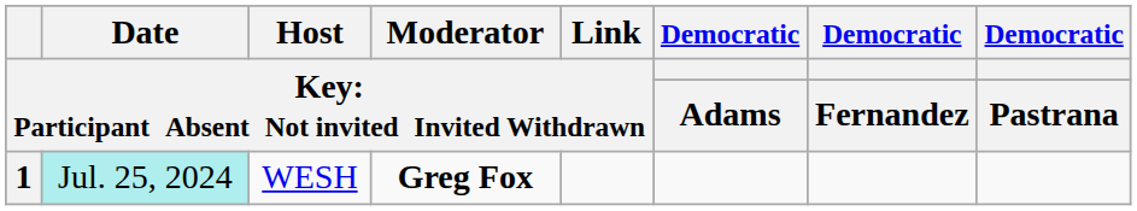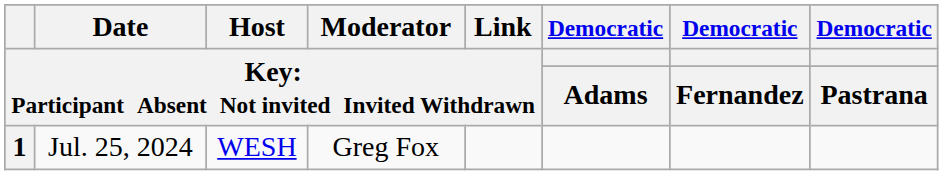 <table class="wikitable" style="text-align:center;">
 <tr>
 <th scope="col"></th>
 <th scope="col">Date</th>
 <th scope="col">Host</th>
 <th scope="col">Moderator</th>
 <th scope="col">Link</th>
 <th scope="col"><small><a href='#'>Democratic</a></small></th>
 <th scope="col"><small><a href='#'>Democratic</a></small></th>
 <th scope="col"><small><a href='#'>Democratic</a></small></th>
 </tr>
 <tr>
 <th colspan="5" rowspan="2">Key:<br> <small>Participant </small>  <small>Absent </small>  <small>Not invited </small>  <small>Invited  Withdrawn</small></th>
 <th scope="col" style="background:"></th>
 <th scope="col" style="background:"></th>
 <th scope="col" style="background:"></th>
 </tr>
 <tr>
 <th scope="col">Adams</th>
 <th scope="col">Fernandez</th>
 <th scope="col">Pastrana</th>
 </tr>
 <tr>
 <th>1</th>
-<td style="background: paleturquoise; white-space:nowrap;">Jul. 25, 2024</td>
+<td style="white-space:nowrap;">Jul. 25, 2024</td>
 <td style="white-space:nowrap;"><a href='#'>WESH</a></td>
-<td style="white-space:nowrap;"><strong>Greg Fox</strong></td>
+<td style="white-space:nowrap;">Greg Fox</td>
 <td style="white-space:nowrap;"></td>
 <td></td>
 <td></td>
 <td></td>
 </tr>
 </table>
